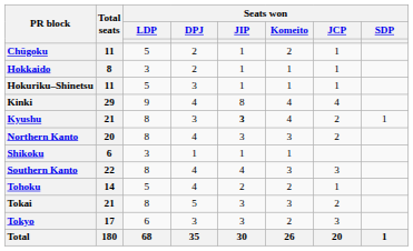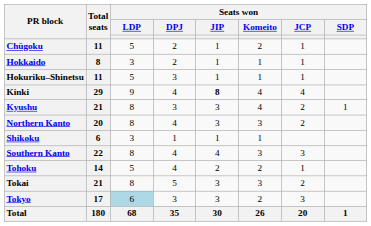 <table class="wikitable" style="text-align:center; font-size: 0.9em;">
 <tr>
 <th rowspan="3">PR block</th>
 <th rowspan="3">Total<br>seats</th>
 <th colspan="6">Seats won</th>
 </tr>
 <tr>
 <th class="unsortable" style="width:60px;"><a href='#'>LDP</a></th>
 <th class="unsortable" style="width:60px;"><a href='#'>DPJ</a></th>
 <th class="unsortable" style="width:60px;"><a href='#'>JIP</a></th>
 <th class="unsortable" style="width:60px;"><a href='#'>Komeito</a></th>
 <th class="unsortable" style="width:60px;"><a href='#'>JCP</a></th>
 <th class="unsortable" style="width:60px;"><a href='#'>SDP</a></th>
 </tr>
 <tr>
 <th style="background:"></th>
 <th style="background:"></th>
 <th style="background:"></th>
 <th style="background:"></th>
 <th style="background:"></th>
 <th style="background:"></th>
 </tr>
 <tr>
 <th style="text-align: left;"><a href='#'>Chūgoku</a></th>
 <th>11</th>
 <td>5</td>
 <td>2</td>
 <td>1</td>
 <td>2</td>
 <td>1</td>
 <td></td>
 </tr>
 <tr>
 <th style="text-align: left;"><a href='#'>Hokkaido</a></th>
 <th>8</th>
 <td>3</td>
 <td>2</td>
 <td>1</td>
 <td>1</td>
 <td>1</td>
 <td></td>
 </tr>
 <tr>
 <th style="text-align: left;">Hokuriku–Shinetsu</th>
 <th>11</th>
 <td>5</td>
 <td>3</td>
 <td>1</td>
 <td>1</td>
 <td>1</td>
 <td></td>
 </tr>
 <tr>
 <th style="text-align: left;">Kinki</th>
 <th>29</th>
 <td>9</td>
 <td>4</td>
-<td>8</td>
+<td><strong>8</strong></td>
 <td>4</td>
 <td>4</td>
 <td></td>
 </tr>
 <tr>
 <th style="text-align: left;"><a href='#'>Kyushu</a></th>
 <th>21</th>
 <td>8</td>
 <td>3</td>
-<td><strong>3</strong></td>
+<td>3</td>
 <td>4</td>
 <td>2</td>
 <td>1</td>
 </tr>
 <tr>
 <th style="text-align: left;"><a href='#'>Northern Kanto</a></th>
 <th>20</th>
 <td>8</td>
 <td>4</td>
 <td>3</td>
 <td>3</td>
 <td>2</td>
 <td></td>
 </tr>
 <tr>
 <th style="text-align: left;"><a href='#'>Shikoku</a></th>
 <th>6</th>
 <td>3</td>
 <td>1</td>
 <td>1</td>
 <td>1</td>
 <td></td>
 <td></td>
 </tr>
 <tr>
 <th style="text-align: left;"><a href='#'>Southern Kanto</a></th>
 <th>22</th>
 <td>8</td>
 <td>4</td>
 <td>4</td>
 <td>3</td>
 <td>3</td>
 <td></td>
 </tr>
 <tr>
 <th style="text-align: left;"><a href='#'>Tohoku</a></th>
 <th>14</th>
 <td>5</td>
 <td>4</td>
 <td>2</td>
 <td>2</td>
 <td>1</td>
 <td></td>
 </tr>
 <tr>
 <th style="text-align: left;">Tokai</th>
 <th>21</th>
 <td>8</td>
 <td>5</td>
 <td>3</td>
 <td>3</td>
 <td>2</td>
 <td></td>
 </tr>
 <tr>
 <th style="text-align: left;"><a href='#'>Tokyo</a></th>
 <th>17</th>
-<td>6</td>
+<td style="background: lightblue;">6</td>
 <td>3</td>
 <td>3</td>
 <td>2</td>
 <td>3</td>
 <td></td>
 </tr>
 <tr class="sortbottom">
 <th style="text-align: left;">Total</th>
 <th>180</th>
 <th>68</th>
 <th>35</th>
 <th>30</th>
 <th>26</th>
 <th>20</th>
 <th>1</th>
 </tr>
 </table>
